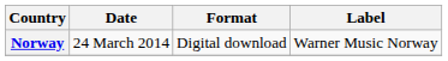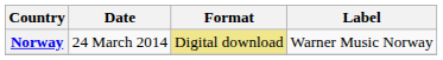 <table class="wikitable plainrowheaders">
 <tr>
 <th scope="col">Country</th>
 <th scope="col">Date</th>
 <th scope="col">Format</th>
 <th scope="col">Label</th>
 </tr>
 <tr>
 <th scope="row"><a href='#'>Norway</a></th>
 <td>24 March 2014</td>
-<td>Digital download</td>
+<td style="background: khaki;">Digital download</td>
 <td>Warner Music Norway</td>
 </tr>
 <tr>
 </tr>
 </table>
